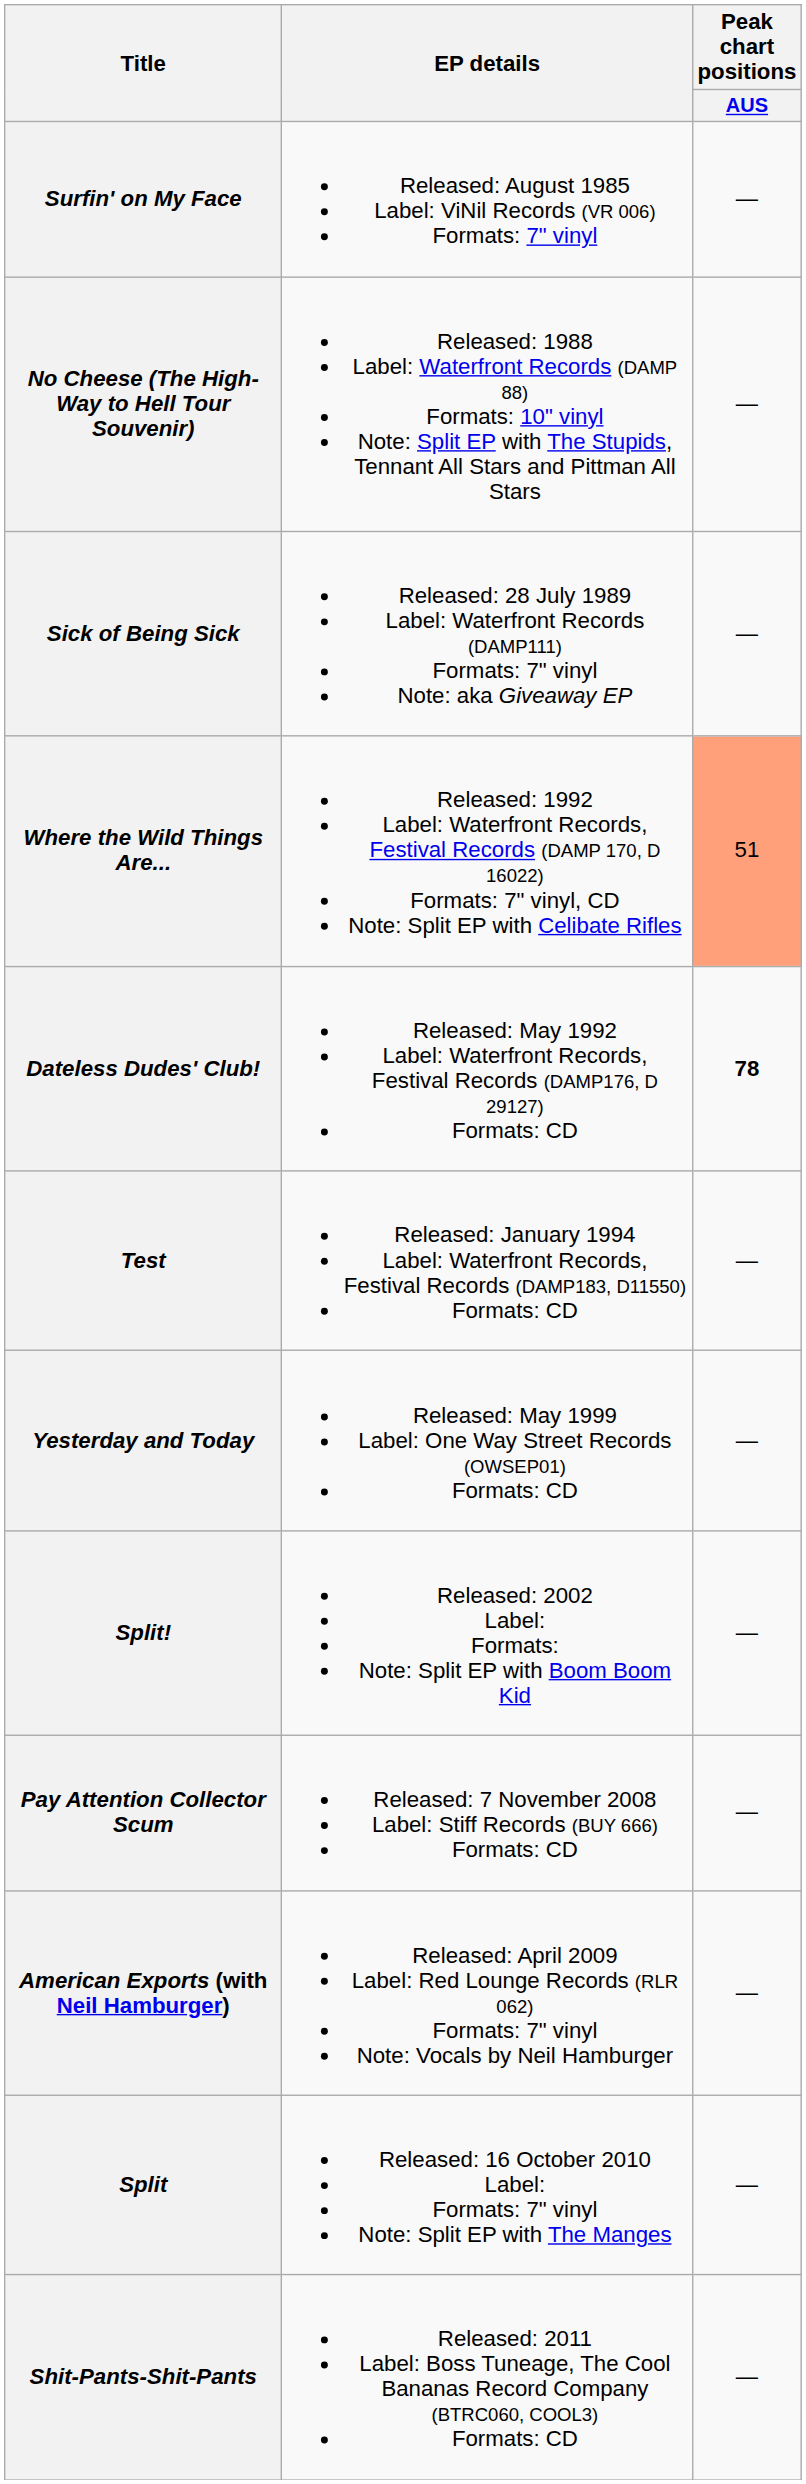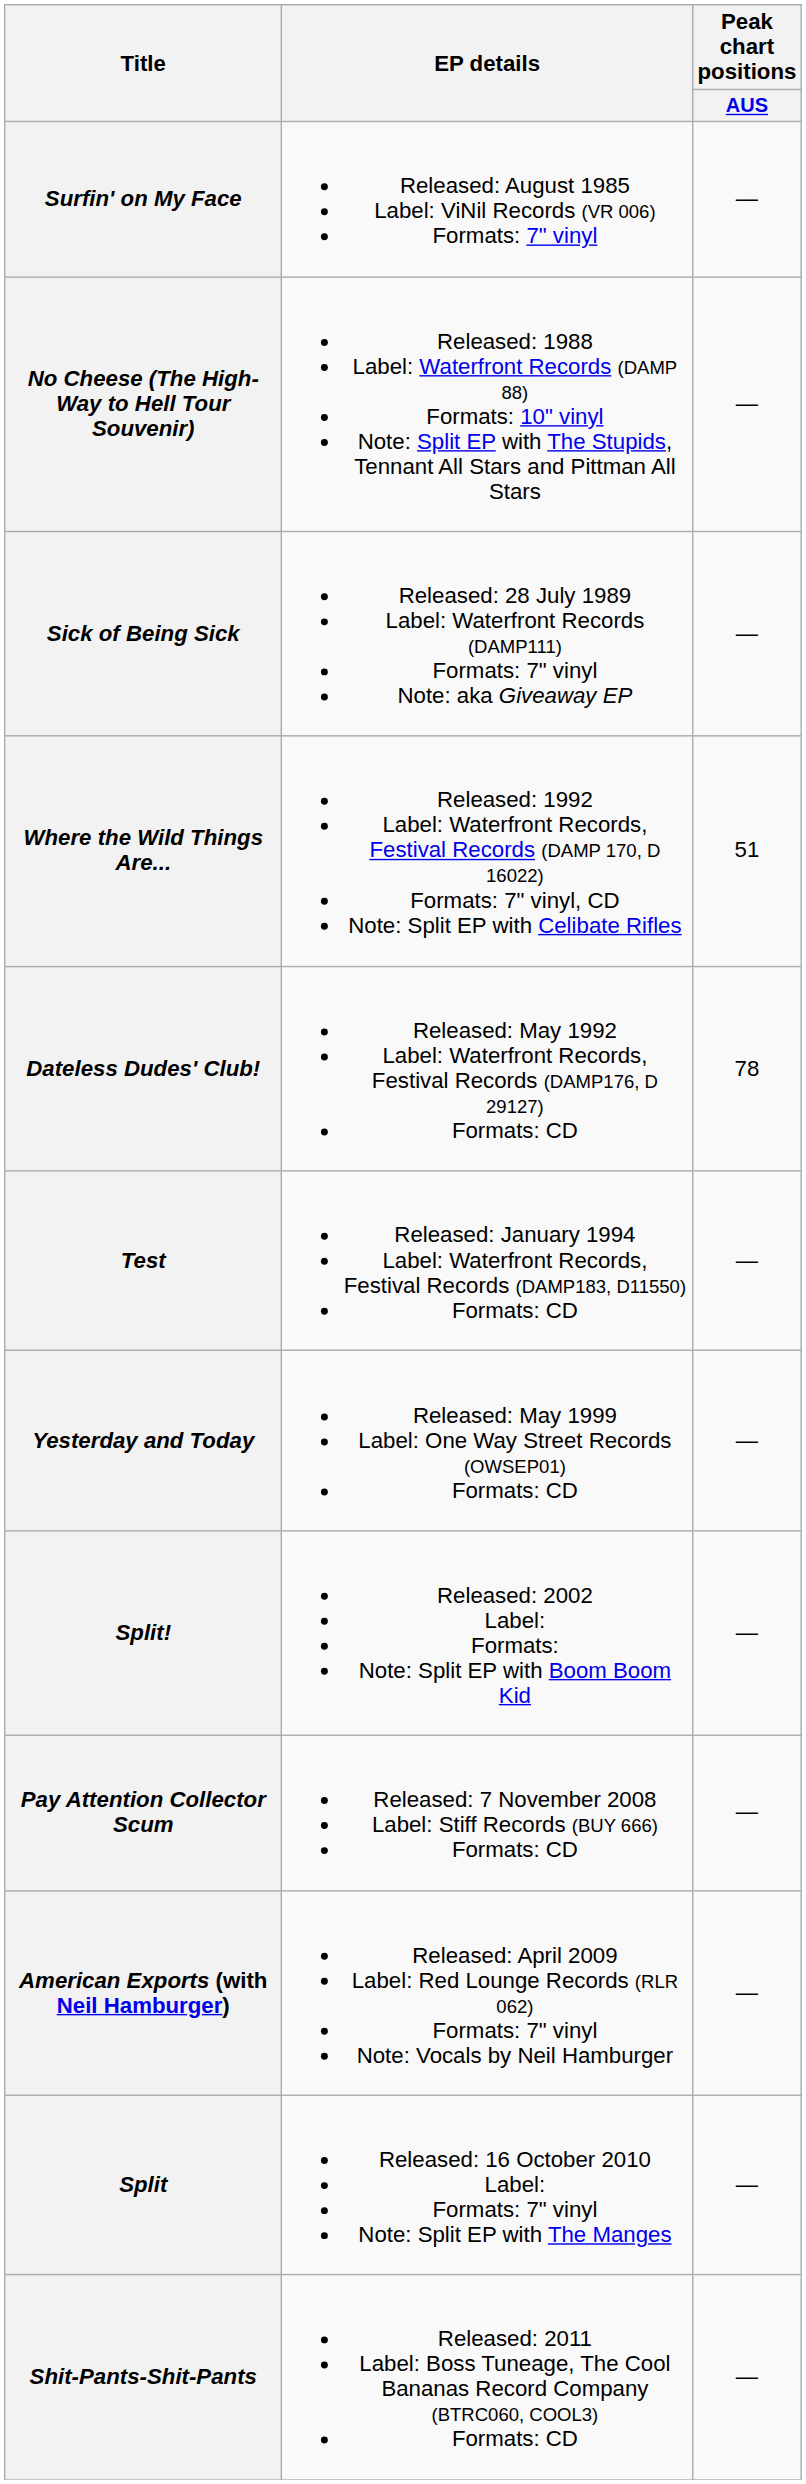 <table class="wikitable plainrowheaders" style="text-align:center;">
 <tr>
 <th scope="col" rowspan="2" style="width:12em;">Title</th>
 <th scope="col" rowspan="2" style="width:18em;">EP details</th>
 <th scope="col" colspan="1">Peak chart positions</th>
 </tr>
 <tr>
 <th scope="col" style="width:3.5em;font-size:90%;"><a href='#'>AUS</a><br></th>
 </tr>
 <tr>
 <th scope="row"><em>Surfin' on My Face</em></th>
 <td><br><ul><li>Released: August 1985</li><li>Label: ViNil Records <small>(VR 006)</small></li><li>Formats: <a href='#'>7" vinyl</a></li></ul></td>
 <td>—</td>
 </tr>
 <tr>
 <th scope="row"><em>No Cheese (The High-Way to Hell Tour Souvenir)</em></th>
 <td><br><ul><li>Released: 1988</li><li>Label: <a href='#'>Waterfront Records</a> <small>(DAMP 88)</small></li><li>Formats: <a href='#'>10" vinyl</a></li><li>Note: <a href='#'>Split EP</a> with <a href='#'>The Stupids</a>, Tennant All Stars and Pittman All Stars</li></ul></td>
 <td>—</td>
 </tr>
 <tr>
 <th scope="row"><em>Sick of Being Sick</em></th>
 <td><br><ul><li>Released: 28 July 1989</li><li>Label: Waterfront Records <small>(DAMP111)</small></li><li>Formats: 7" vinyl</li><li>Note: aka <em>Giveaway EP</em></li></ul></td>
 <td>—</td>
 </tr>
 <tr>
 <th scope="row"><em>Where the Wild Things Are...</em></th>
 <td><br><ul><li>Released: 1992</li><li>Label: Waterfront Records, <a href='#'>Festival Records</a> <small>(DAMP 170, D 16022)</small></li><li>Formats: 7" vinyl, CD</li><li>Note: Split EP with <a href='#'>Celibate Rifles</a></li></ul></td>
-<td style="background: lightsalmon;">51</td>
+<td>51</td>
 </tr>
 <tr>
 <th scope="row"><em>Dateless Dudes' Club!</em></th>
 <td><br><ul><li>Released: May 1992</li><li>Label: Waterfront Records, Festival Records <small>(DAMP176, D 29127)</small></li><li>Formats: CD</li></ul></td>
-<td><strong>78</strong></td>
+<td>78</td>
 </tr>
 <tr>
 <th scope="row"><em>Test</em></th>
 <td><br><ul><li>Released: January 1994</li><li>Label: Waterfront Records, Festival Records <small>(DAMP183, D11550)</small></li><li>Formats: CD</li></ul></td>
 <td>—</td>
 </tr>
 <tr>
 <th scope="row"><em>Yesterday and Today</em></th>
 <td><br><ul><li>Released: May 1999</li><li>Label: One Way Street Records <small>(OWSEP01)</small></li><li>Formats: CD</li></ul></td>
 <td>—</td>
 </tr>
 <tr>
 <th scope="row"><em>Split!</em></th>
 <td><br><ul><li>Released: 2002</li><li>Label:</li><li>Formats:</li><li>Note: Split EP with <a href='#'>Boom Boom Kid</a></li></ul></td>
 <td>—</td>
 </tr>
 <tr>
 <th scope="row"><em>Pay Attention Collector Scum</em></th>
 <td><br><ul><li>Released: 7 November 2008</li><li>Label: Stiff Records <small>(BUY 666)</small></li><li>Formats: CD</li></ul></td>
 <td>—</td>
 </tr>
 <tr>
 <th scope="row"><em>American Exports</em> (with <a href='#'>Neil Hamburger</a>)</th>
 <td><br><ul><li>Released: April 2009</li><li>Label: Red Lounge Records <small>(RLR 062)</small></li><li>Formats: 7" vinyl</li><li>Note: Vocals by Neil Hamburger</li></ul></td>
 <td>—</td>
 </tr>
 <tr>
 <th scope="row"><em>Split</em></th>
 <td><br><ul><li>Released: 16 October 2010</li><li>Label:</li><li>Formats: 7" vinyl</li><li>Note: Split EP with <a href='#'>The Manges</a></li></ul></td>
 <td>—</td>
 </tr>
 <tr>
 <th scope="row"><em>Shit-Pants-Shit-Pants</em></th>
 <td><br><ul><li>Released: 2011</li><li>Label: Boss Tuneage, The Cool Bananas Record Company <small>(BTRC060, COOL3)</small></li><li>Formats: CD</li></ul></td>
 <td>—</td>
 </tr>
 <tr>
 </tr>
 </table>
